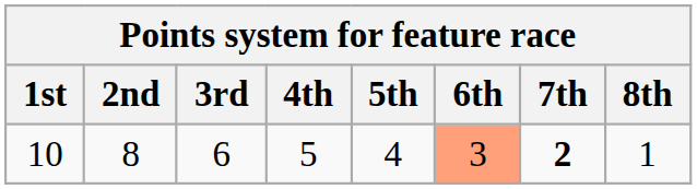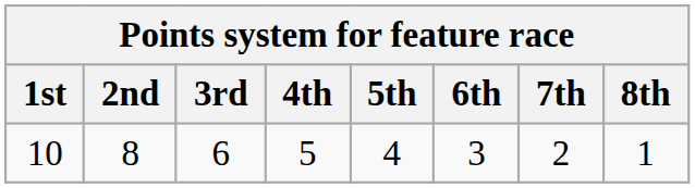 <table class="wikitable" style="font-size:95%; text-align:center">
 <tr>
 <th colspan="8">Points system for feature race</th>
 </tr>
 <tr>
 <th> 1st </th>
 <th> 2nd </th>
 <th> 3rd </th>
 <th> 4th </th>
 <th> 5th </th>
 <th> 6th </th>
 <th> 7th </th>
 <th> 8th </th>
 </tr>
 <tr>
 <td>10</td>
 <td>8</td>
 <td>6</td>
 <td>5</td>
 <td>4</td>
-<td style="background: lightsalmon;">3</td>
-<td><strong>2</strong></td>
+<td>3</td>
+<td>2</td>
 <td>1</td>
 </tr>
 </table>
